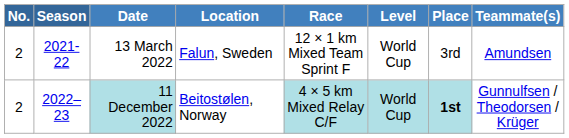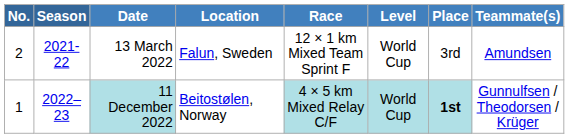 <table class="wikitable sortable" style="font-size:95%; text-align:center; border:grey solid 1px; border-collapse:collapse; background:#ffffff;">
 <tr style="background:#efefef;">
 <th style="background-color:#369; color:white;">No.</th>
 <th style="background-color:#369; color:white;">Season</th>
 <th style="background-color:#4180be; color:white; width:120px;">Date</th>
 <th style="background-color:#4180be; color:white; width:170px;">Location</th>
 <th style="background-color:#4180be; color:white; width:170px;">Race</th>
 <th style="background-color:#4180be; color:white; width:100px;">Level</th>
 <th style="background-color:#4180be; color:white;">Place</th>
 <th style="background-color:#4180be; color:white;">Teammate(s)</th>
 </tr>
 <tr>
 <td align=center>2</td>
 <td rowspan=1 align=center><a href='#'>2021-22</a></td>
 <td align=right>13 March 2022</td>
 <td align=left> <a href='#'>Falun</a>, Sweden</td>
 <td>12 × 1 km Mixed Team Sprint F</td>
 <td>World Cup</td>
 <td>3rd</td>
 <td><a href='#'>Amundsen</a></td>
 </tr>
 <tr>
-<td align=center>2</td>
+<td align=center>1</td>
 <td align=center><a href='#'>2022–23</a></td>
 <td bgcolor="#BOEOE6" align=right>11 December 2022</td>
 <td align=left> <a href='#'>Beitostølen</a>, Norway</td>
 <td bgcolor="#BOEOE6">4 × 5 km Mixed Relay C/F</td>
 <td bgcolor="#BOEOE6">World Cup</td>
 <td bgcolor="#BOEOE6"><strong>1st</strong></td>
 <td><a href='#'>Gunnulfsen</a> / <a href='#'>Theodorsen</a> / <a href='#'>Krüger</a></td>
 </tr>
 </table>
